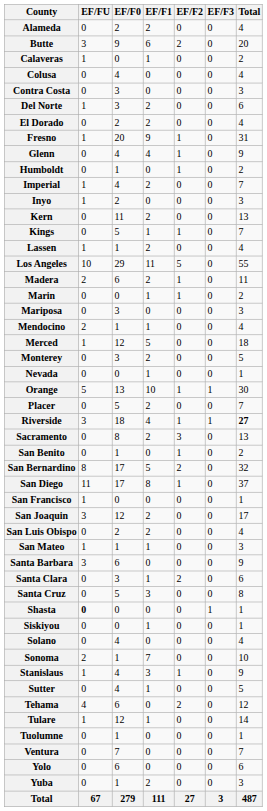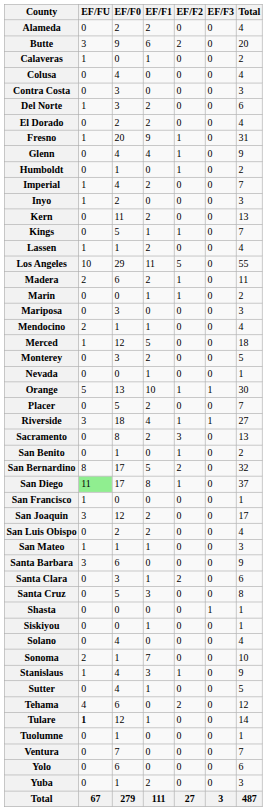 <table class="wikitable sortable">
 <tr>
 <th scope=col>County</th>
 <th scope=col>EF/FU</th>
 <th scope=col>EF/F0</th>
 <th scope=col>EF/F1</th>
 <th scope=col>EF/F2</th>
 <th scope=col>EF/F3</th>
 <th scope=col>Total</th>
 </tr>
 <tr>
 <th scope=row>Alameda</th>
 <td>0</td>
 <td>2</td>
 <td>2</td>
 <td>0</td>
 <td>0</td>
 <td>4</td>
 </tr>
 <tr>
 <th scope=row>Butte</th>
 <td>3</td>
 <td>9</td>
 <td>6</td>
 <td>2</td>
 <td>0</td>
 <td>20</td>
 </tr>
 <tr>
 <th scope=row>Calaveras</th>
 <td>1</td>
 <td>0</td>
 <td>1</td>
 <td>0</td>
 <td>0</td>
 <td>2</td>
 </tr>
 <tr>
 <th scope=row>Colusa</th>
 <td>0</td>
 <td>4</td>
 <td>0</td>
 <td>0</td>
 <td>0</td>
 <td>4</td>
 </tr>
 <tr>
 <th scope=row>Contra Costa</th>
 <td>0</td>
 <td>3</td>
 <td>0</td>
 <td>0</td>
 <td>0</td>
 <td>3</td>
 </tr>
 <tr>
 <th scope=row>Del Norte</th>
 <td>1</td>
 <td>3</td>
 <td>2</td>
 <td>0</td>
 <td>0</td>
 <td>6</td>
 </tr>
 <tr>
 <th scope=row>El Dorado</th>
 <td>0</td>
 <td>2</td>
 <td>2</td>
 <td>0</td>
 <td>0</td>
 <td>4</td>
 </tr>
 <tr>
 <th scope=row>Fresno</th>
 <td>1</td>
 <td>20</td>
 <td>9</td>
 <td>1</td>
 <td>0</td>
 <td>31</td>
 </tr>
 <tr>
 <th scope=row>Glenn</th>
 <td>0</td>
 <td>4</td>
 <td>4</td>
 <td>1</td>
 <td>0</td>
 <td>9</td>
 </tr>
 <tr>
 <th scope=row>Humboldt</th>
 <td>0</td>
 <td>1</td>
 <td>0</td>
 <td>1</td>
 <td>0</td>
 <td>2</td>
 </tr>
 <tr>
 <th scope=row>Imperial</th>
 <td>1</td>
 <td>4</td>
 <td>2</td>
 <td>0</td>
 <td>0</td>
 <td>7</td>
 </tr>
 <tr>
 <th scope=row>Inyo</th>
 <td>1</td>
 <td>2</td>
 <td>0</td>
 <td>0</td>
 <td>0</td>
 <td>3</td>
 </tr>
 <tr>
 <th scope=row>Kern</th>
 <td>0</td>
 <td>11</td>
 <td>2</td>
 <td>0</td>
 <td>0</td>
 <td>13</td>
 </tr>
 <tr>
 <th scope=row>Kings</th>
 <td>0</td>
 <td>5</td>
 <td>1</td>
 <td>1</td>
 <td>0</td>
 <td>7</td>
 </tr>
 <tr>
 <th scope=row>Lassen</th>
 <td>1</td>
 <td>1</td>
 <td>2</td>
 <td>0</td>
 <td>0</td>
 <td>4</td>
 </tr>
 <tr>
 <th scope=row>Los Angeles</th>
 <td>10</td>
 <td>29</td>
 <td>11</td>
 <td>5</td>
 <td>0</td>
 <td>55</td>
 </tr>
 <tr>
 <th scope=row>Madera</th>
 <td>2</td>
 <td>6</td>
 <td>2</td>
 <td>1</td>
 <td>0</td>
 <td>11</td>
 </tr>
 <tr>
 <th scope=row>Marin</th>
 <td>0</td>
 <td>0</td>
 <td>1</td>
 <td>1</td>
 <td>0</td>
 <td>2</td>
 </tr>
 <tr>
 <th scope=row>Mariposa</th>
 <td>0</td>
 <td>3</td>
 <td>0</td>
 <td>0</td>
 <td>0</td>
 <td>3</td>
 </tr>
 <tr>
 <th scope=row>Mendocino</th>
 <td>2</td>
 <td>1</td>
 <td>1</td>
 <td>0</td>
 <td>0</td>
 <td>4</td>
 </tr>
 <tr>
 <th scope=row>Merced</th>
 <td>1</td>
 <td>12</td>
 <td>5</td>
 <td>0</td>
 <td>0</td>
 <td>18</td>
 </tr>
 <tr>
 <th scope=row>Monterey</th>
 <td>0</td>
 <td>3</td>
 <td>2</td>
 <td>0</td>
 <td>0</td>
 <td>5</td>
 </tr>
 <tr>
 <th scope=row>Nevada</th>
 <td>0</td>
 <td>0</td>
 <td>1</td>
 <td>0</td>
 <td>0</td>
 <td>1</td>
 </tr>
 <tr>
 <th scope=row>Orange</th>
 <td>5</td>
 <td>13</td>
 <td>10</td>
 <td>1</td>
 <td>1</td>
 <td>30</td>
 </tr>
 <tr>
 <th scope=row>Placer</th>
 <td>0</td>
 <td>5</td>
 <td>2</td>
 <td>0</td>
 <td>0</td>
 <td>7</td>
 </tr>
 <tr>
 <th scope=row>Riverside</th>
 <td>3</td>
 <td>18</td>
 <td>4</td>
 <td>1</td>
 <td>1</td>
-<td><strong>27</strong></td>
+<td>27</td>
 </tr>
 <tr>
 <th scope=row>Sacramento</th>
 <td>0</td>
 <td>8</td>
 <td>2</td>
 <td>3</td>
 <td>0</td>
 <td>13</td>
 </tr>
 <tr>
 <th scope=row>San Benito</th>
 <td>0</td>
 <td>1</td>
 <td>0</td>
 <td>1</td>
 <td>0</td>
 <td>2</td>
 </tr>
 <tr>
 <th scope=row>San Bernardino</th>
 <td>8</td>
 <td>17</td>
 <td>5</td>
 <td>2</td>
 <td>0</td>
 <td>32</td>
 </tr>
 <tr>
 <th scope=row>San Diego</th>
-<td>11</td>
+<td style="background: lightgreen;">11</td>
 <td>17</td>
 <td>8</td>
 <td>1</td>
 <td>0</td>
 <td>37</td>
 </tr>
 <tr>
 <th scope=row>San Francisco</th>
 <td>1</td>
 <td>0</td>
 <td>0</td>
 <td>0</td>
 <td>0</td>
 <td>1</td>
 </tr>
 <tr>
 <th scope=row>San Joaquin</th>
 <td>3</td>
 <td>12</td>
 <td>2</td>
 <td>0</td>
 <td>0</td>
 <td>17</td>
 </tr>
 <tr>
 <th scope=row>San Luis Obispo</th>
 <td>0</td>
 <td>2</td>
 <td>2</td>
 <td>0</td>
 <td>0</td>
 <td>4</td>
 </tr>
 <tr>
 <th scope=row>San Mateo</th>
 <td>1</td>
 <td>1</td>
 <td>1</td>
 <td>0</td>
 <td>0</td>
 <td>3</td>
 </tr>
 <tr>
 <th scope=row>Santa Barbara</th>
 <td>3</td>
 <td>6</td>
 <td>0</td>
 <td>0</td>
 <td>0</td>
 <td>9</td>
 </tr>
 <tr>
 <th scope=row>Santa Clara</th>
 <td>0</td>
 <td>3</td>
 <td>1</td>
 <td>2</td>
 <td>0</td>
 <td>6</td>
 </tr>
 <tr>
 <th scope=row>Santa Cruz</th>
 <td>0</td>
 <td>5</td>
 <td>3</td>
 <td>0</td>
 <td>0</td>
 <td>8</td>
 </tr>
 <tr>
 <th scope=row>Shasta</th>
-<td><strong>0</strong></td>
+<td>0</td>
 <td>0</td>
 <td>0</td>
 <td>0</td>
 <td>1</td>
 <td>1</td>
 </tr>
 <tr>
 <th scope=row>Siskiyou</th>
 <td>0</td>
 <td>0</td>
 <td>1</td>
 <td>0</td>
 <td>0</td>
 <td>1</td>
 </tr>
 <tr>
 <th scope=row>Solano</th>
 <td>0</td>
 <td>4</td>
 <td>0</td>
 <td>0</td>
 <td>0</td>
 <td>4</td>
 </tr>
 <tr>
 <th scope=row>Sonoma</th>
 <td>2</td>
 <td>1</td>
 <td>7</td>
 <td>0</td>
 <td>0</td>
 <td>10</td>
 </tr>
 <tr>
 <th scope=row>Stanislaus</th>
 <td>1</td>
 <td>4</td>
 <td>3</td>
 <td>1</td>
 <td>0</td>
 <td>9</td>
 </tr>
 <tr>
 <th scope=row>Sutter</th>
 <td>0</td>
 <td>4</td>
 <td>1</td>
 <td>0</td>
 <td>0</td>
 <td>5</td>
 </tr>
 <tr>
 <th scope=row>Tehama</th>
 <td>4</td>
 <td>6</td>
 <td>0</td>
 <td>2</td>
 <td>0</td>
 <td>12</td>
 </tr>
 <tr>
 <th scope=row>Tulare</th>
-<td>1</td>
+<td><strong>1</strong></td>
 <td>12</td>
 <td>1</td>
 <td>0</td>
 <td>0</td>
 <td>14</td>
 </tr>
 <tr>
 <th scope=row>Tuolumne</th>
 <td>0</td>
 <td>1</td>
 <td>0</td>
 <td>0</td>
 <td>0</td>
 <td>1</td>
 </tr>
 <tr>
 <th scope=row>Ventura</th>
 <td>0</td>
 <td>7</td>
 <td>0</td>
 <td>0</td>
 <td>0</td>
 <td>7</td>
 </tr>
 <tr>
 <th scope=row>Yolo</th>
 <td>0</td>
 <td>6</td>
 <td>0</td>
 <td>0</td>
 <td>0</td>
 <td>6</td>
 </tr>
 <tr>
 <th scope=row>Yuba</th>
 <td>0</td>
 <td>1</td>
 <td>2</td>
 <td>0</td>
 <td>0</td>
 <td>3</td>
 </tr>
 <tr>
 <th>Total</th>
 <th>67</th>
 <th>279</th>
 <th>111</th>
 <th>27</th>
 <th>3</th>
 <th>487</th>
 </tr>
 </table>
